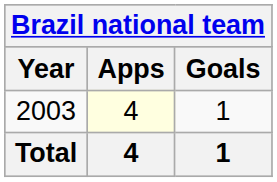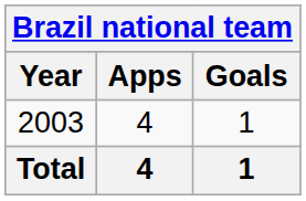 <table class="wikitable" style="text-align:center">
 <tr>
 <th colspan=3><a href='#'>Brazil national team</a></th>
 </tr>
 <tr>
 <th>Year</th>
 <th>Apps</th>
 <th>Goals</th>
 </tr>
 <tr>
 <td>2003</td>
-<td style="background: lightyellow;">4</td>
+<td>4</td>
 <td>1</td>
 </tr>
 <tr>
 <th>Total</th>
 <th>4</th>
 <th>1</th>
 </tr>
 </table>
